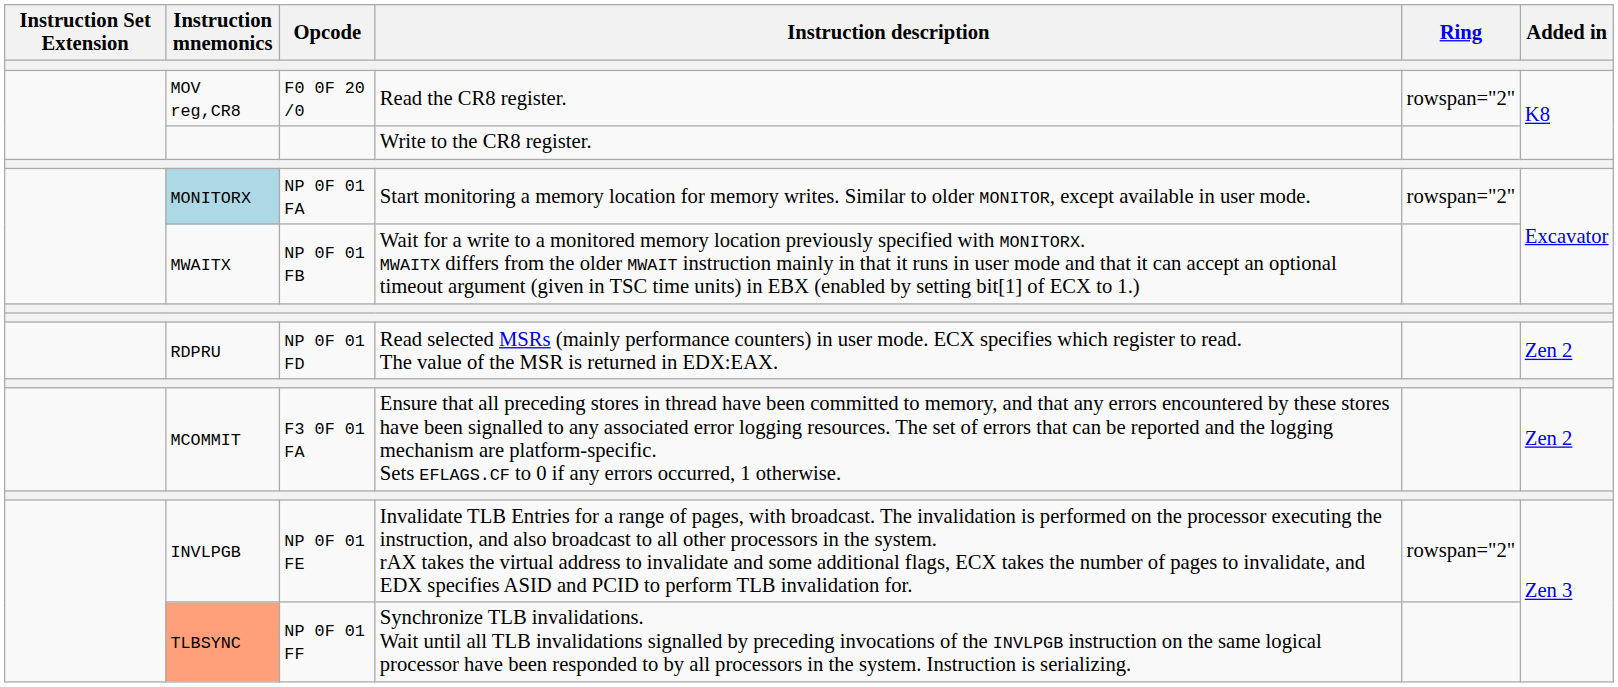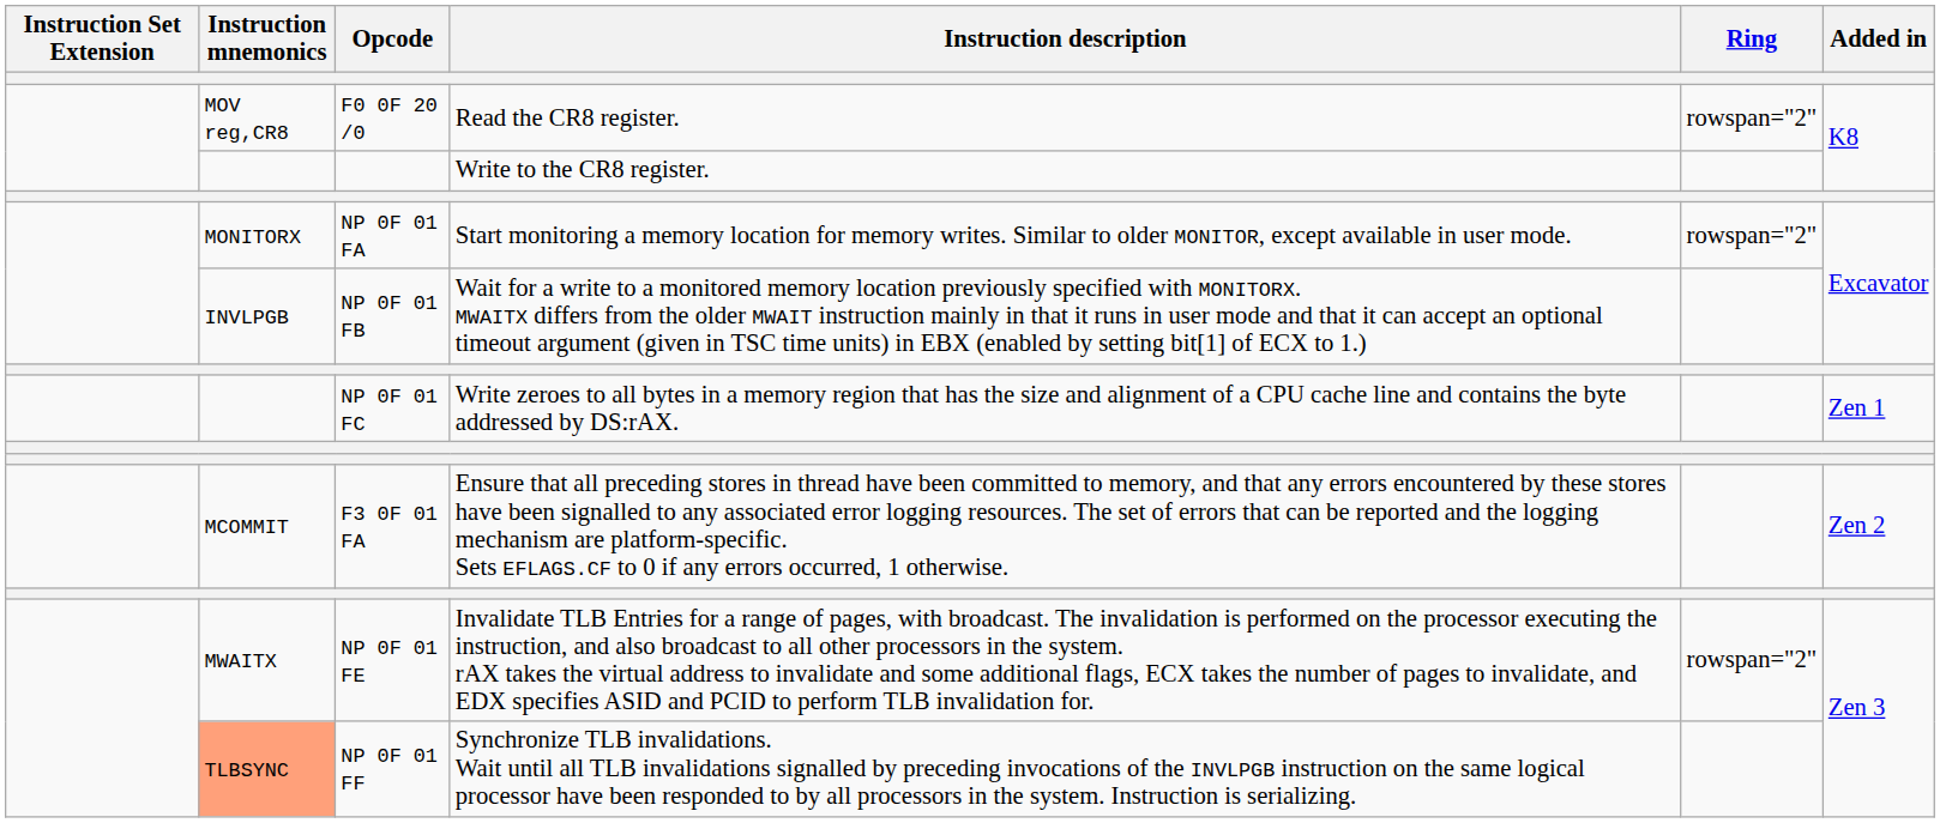 <table class="wikitable sortable sticky-header">
 <tr>
 <th>Instruction Set Extension</th>
 <th>Instruction<br>mnemonics</th>
 <th>Opcode</th>
 <th>Instruction description</th>
 <th><a href='#'>Ring</a></th>
 <th>Added in</th>
 </tr>
 <tr>
 <th colspan="6"></th>
 </tr>
 <tr>
 <td rowspan="2"></td>
 <td><code>MOV reg,CR8</code></td>
 <td><code>F0 0F 20 /0</code></td>
 <td>Read the CR8 register.</td>
 <td>rowspan="2" </td>
 <td rowspan="2"><a href='#'>K8</a></td>
 </tr>
 <tr>
 <td></td>
 <td></td>
 <td>Write to the CR8 register.</td>
 </tr>
 <tr>
 <th colspan="6"></th>
 </tr>
 <tr>
 <td rowspan="2"></td>
-<td style="background: lightblue;"><code>MONITORX</code></td>
+<td><code>MONITORX</code></td>
 <td><code>NP 0F 01 FA</code></td>
 <td>Start monitoring a memory location for memory writes. Similar to older <code>MONITOR</code>, except available in user mode.</td>
 <td>rowspan="2" </td>
 <td rowspan="2"><a href='#'>Excavator</a></td>
 </tr>
 <tr>
-<td><code>MWAITX</code></td>
+<td><code>INVLPGB</code></td>
 <td><code>NP 0F 01 FB</code></td>
 <td>Wait for a write to a monitored memory location previously specified with <code>MONITORX</code>.<br><code>MWAITX</code> differs from the older <code>MWAIT</code> instruction mainly in that it runs in user mode and that it can accept an optional timeout argument (given in TSC time units) in EBX (enabled by setting bit[1] of ECX to 1.)</td>
 </tr>
 <tr>
 <th colspan="6"></th>
 </tr>
 <tr>
-<th colspan="6"></th>
+<td></td>
+<td></td>
+<td><code>NP 0F 01 FC</code></td>
+<td>Write zeroes to all bytes in a memory region that has the size and alignment of a CPU cache line and contains the byte addressed by DS:rAX.</td>
+<td></td>
+<td><a href='#'>Zen 1</a></td>
 </tr>
 <tr>
-<td></td>
-<td><code>RDPRU</code></td>
-<td><code>NP 0F 01 FD</code></td>
-<td>Read selected <a href='#'>MSRs</a> (mainly performance counters) in user mode. ECX specifies which register to read.<br>The value of the MSR is returned in EDX:EAX.</td>
-<td></td>
-<td><a href='#'>Zen 2</a></td>
+<th colspan="6"></th>
 </tr>
 <tr>
 <th colspan="6"></th>
 </tr>
 <tr>
 <td></td>
 <td><code>MCOMMIT</code></td>
 <td><code>F3 0F 01 FA</code></td>
 <td>Ensure that all preceding stores in thread have been committed to memory, and that any errors encountered by these stores have been signalled to any associated error logging resources. The set of errors that can be reported and the logging mechanism are platform-specific.<br>Sets <code>EFLAGS.CF</code> to 0 if any errors occurred, 1 otherwise.</td>
 <td></td>
 <td><a href='#'>Zen 2</a></td>
 </tr>
 <tr>
 <th colspan="6"></th>
 </tr>
 <tr>
 <td rowspan="2"></td>
-<td><code>INVLPGB</code></td>
+<td><code>MWAITX</code></td>
 <td><code>NP 0F 01 FE</code></td>
 <td>Invalidate TLB Entries for a range of pages, with broadcast. The invalidation is performed on the processor executing the instruction, and also broadcast to all other processors in the system.<br>rAX takes the virtual address to invalidate and some additional flags, ECX takes the number of pages to invalidate, and EDX specifies ASID and PCID to perform TLB invalidation for.</td>
 <td>rowspan="2" </td>
 <td rowspan="2"><a href='#'>Zen 3</a></td>
 </tr>
 <tr>
 <td style="background: lightsalmon;"><code>TLBSYNC</code></td>
 <td><code>NP 0F 01 FF</code></td>
 <td>Synchronize TLB invalidations.<br>Wait until all TLB invalidations signalled by preceding invocations of the <code>INVLPGB</code> instruction on the same logical processor have been responded to by all processors in the system. Instruction is serializing.</td>
 </tr>
 </table>
